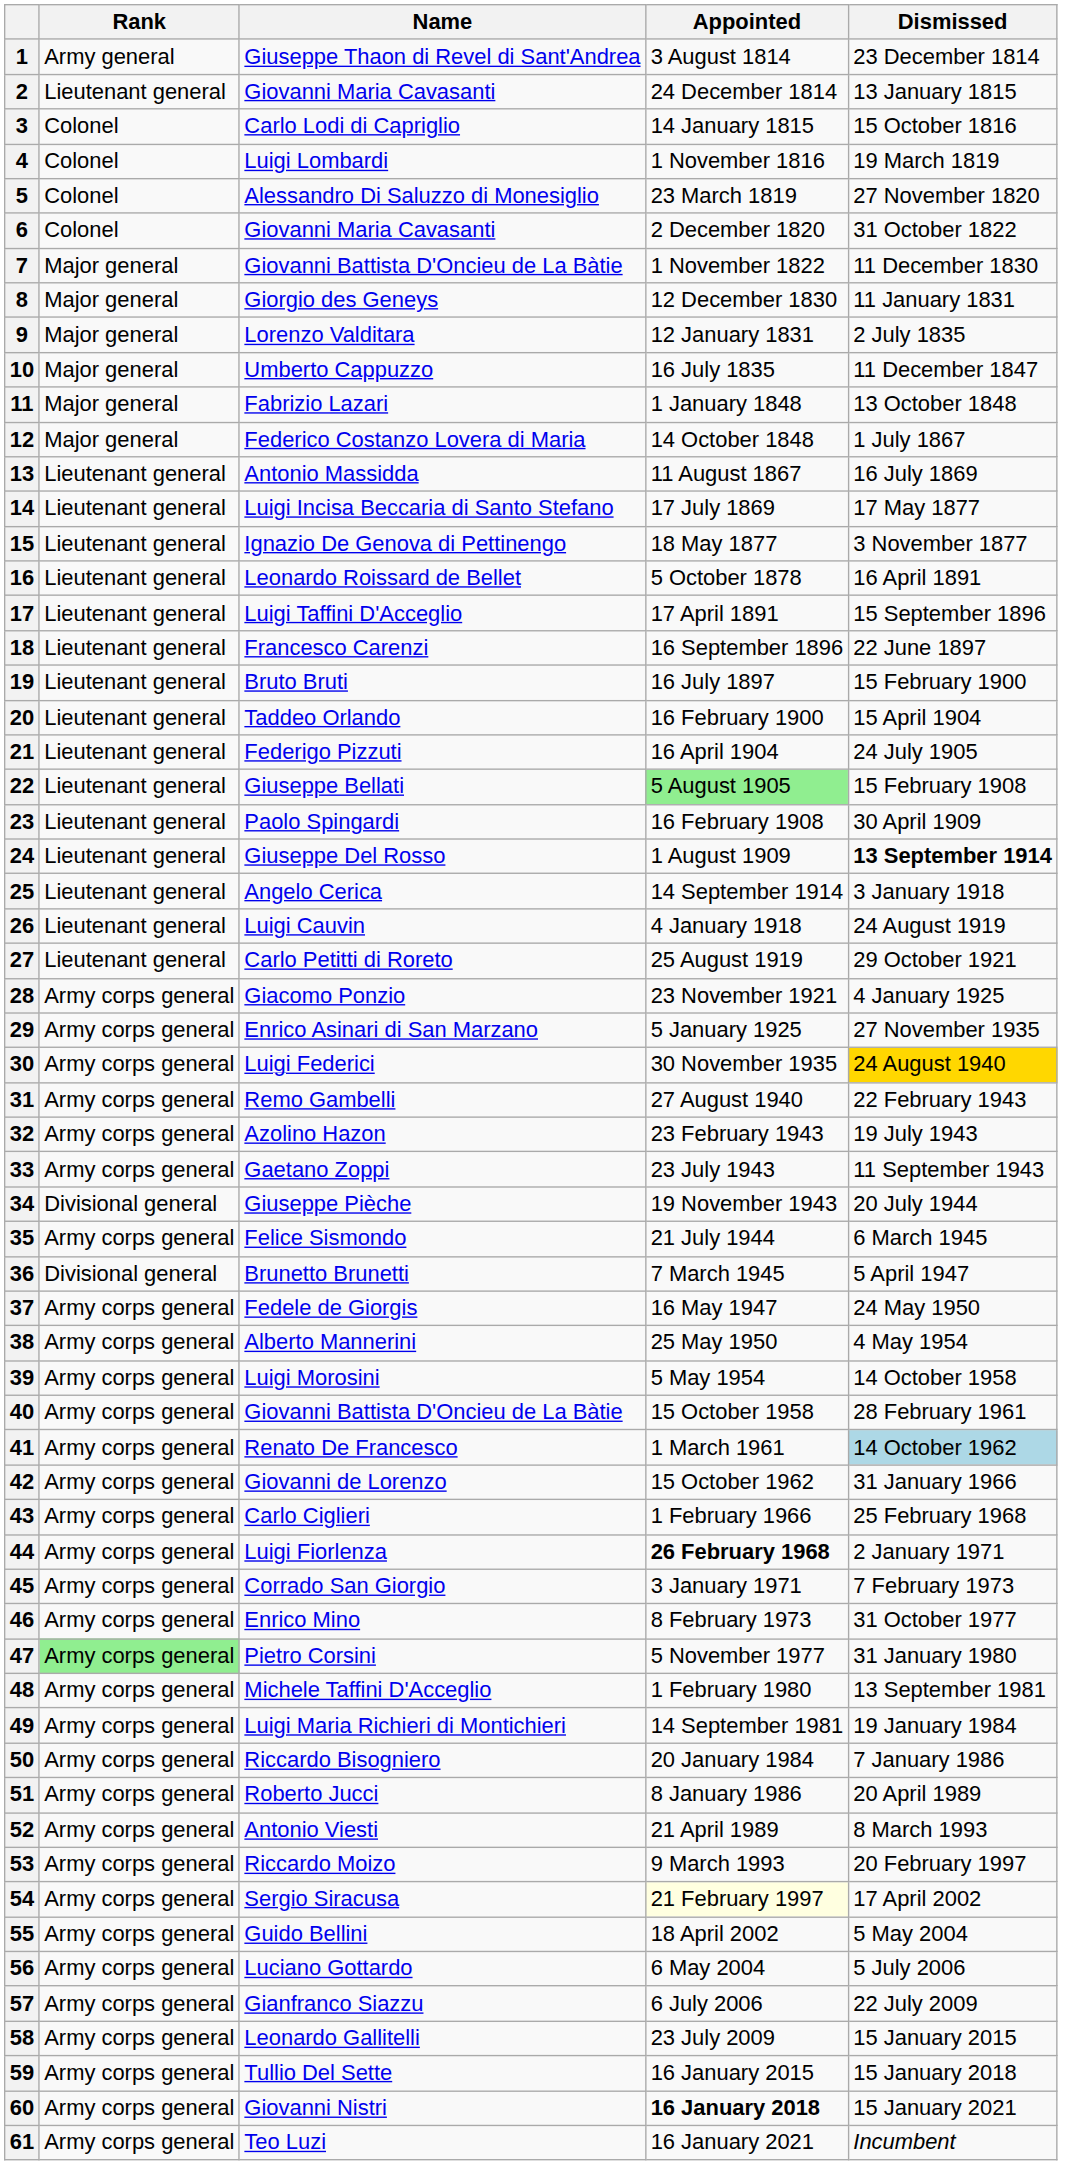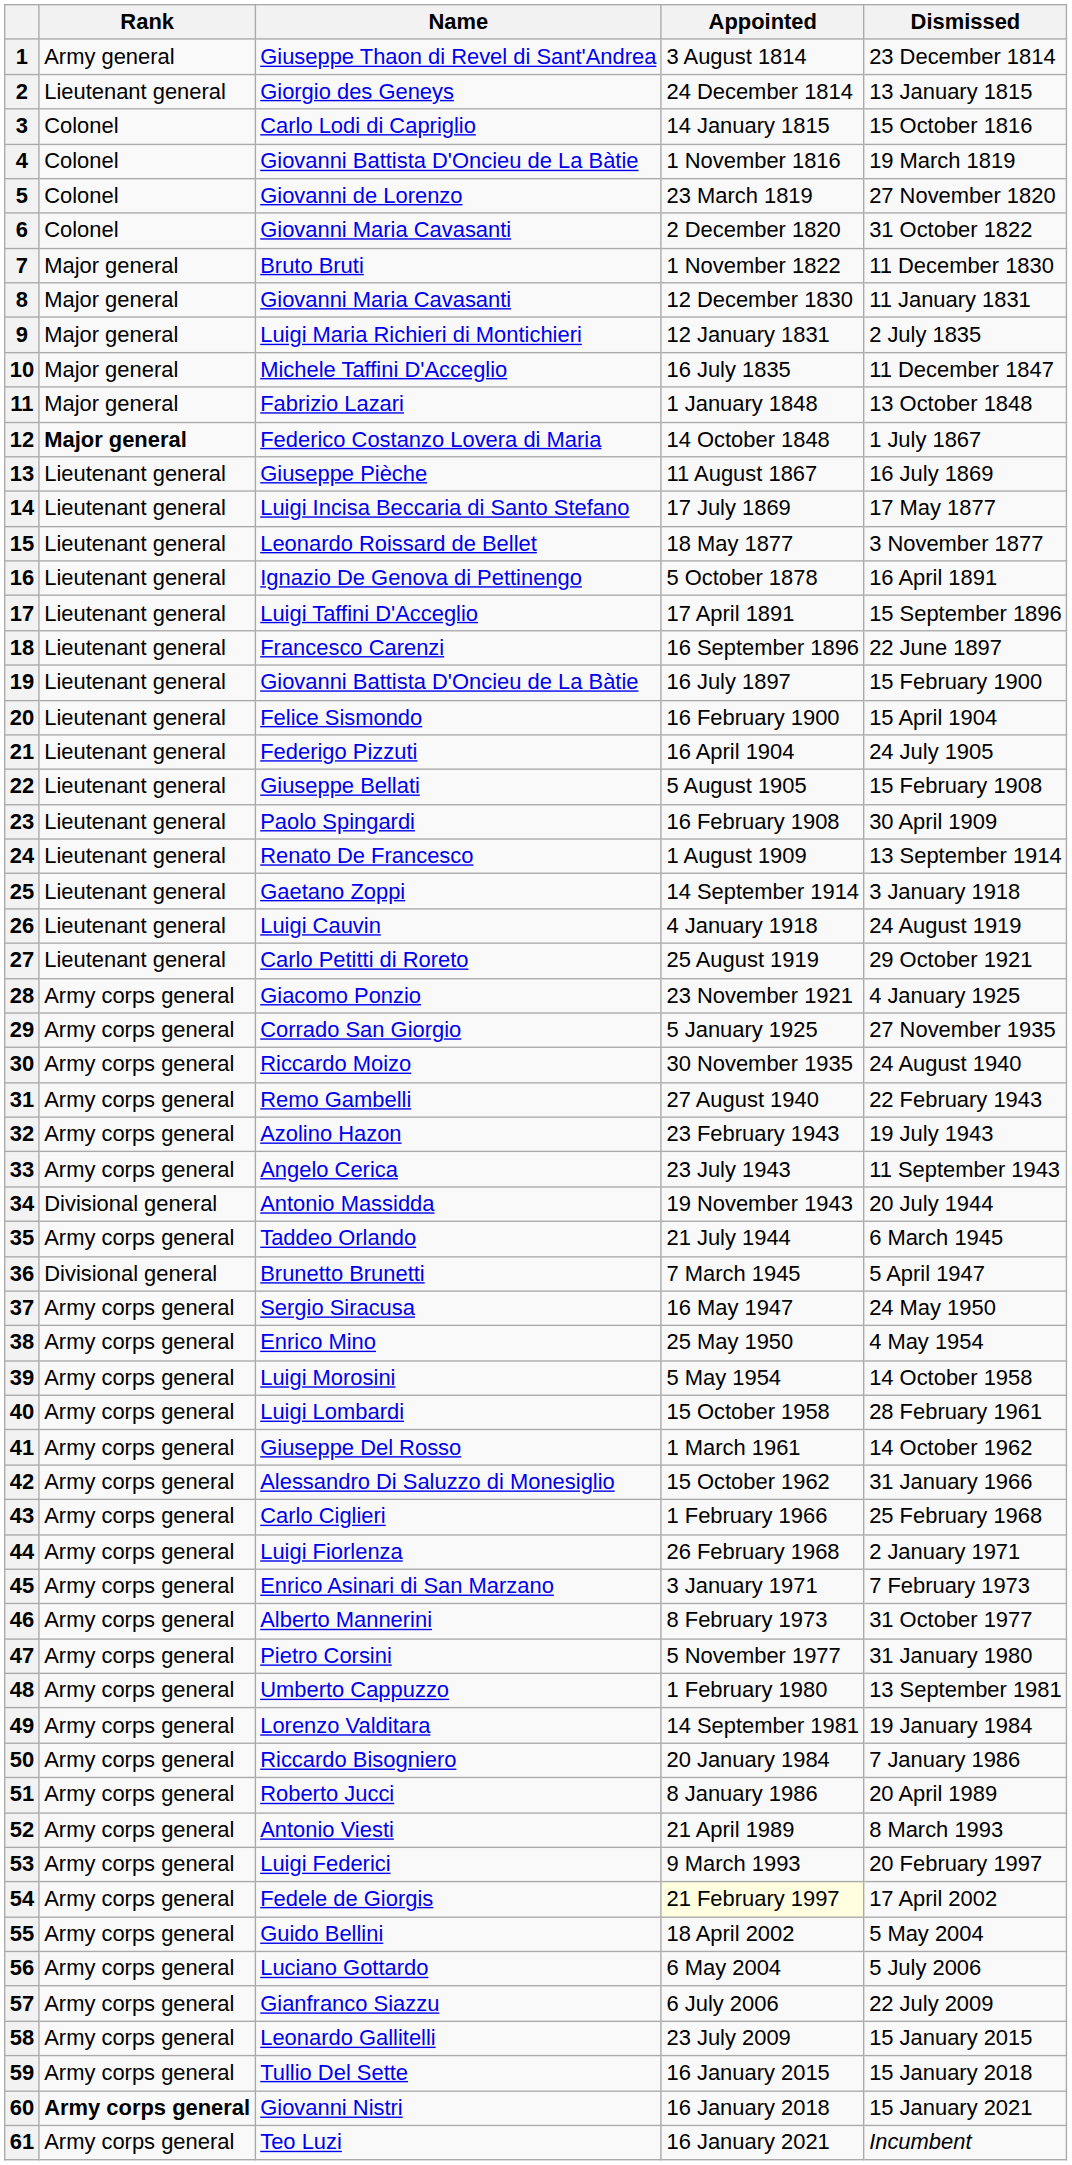 <table class="wikitable">
 <tr>
 <th></th>
 <th>Rank</th>
 <th>Name</th>
 <th>Appointed</th>
 <th>Dismissed</th>
 </tr>
 <tr>
 <th>1</th>
 <td>Army general</td>
 <td><a href='#'>Giuseppe Thaon di Revel di Sant'Andrea</a></td>
 <td>3 August 1814</td>
 <td>23 December 1814</td>
 </tr>
 <tr>
 <th>2</th>
 <td>Lieutenant general</td>
-<td><a href='#'>Giovanni Maria Cavasanti</a></td>
+<td><a href='#'>Giorgio des Geneys</a></td>
 <td>24 December 1814</td>
 <td>13 January 1815</td>
 </tr>
 <tr>
 <th>3</th>
 <td>Colonel</td>
 <td><a href='#'>Carlo Lodi di Capriglio</a></td>
 <td>14 January 1815</td>
 <td>15 October 1816</td>
 </tr>
 <tr>
 <th>4</th>
 <td>Colonel</td>
-<td><a href='#'>Luigi Lombardi</a></td>
+<td><a href='#'>Giovanni Battista D'Oncieu de La Bàtie</a></td>
 <td>1 November 1816</td>
 <td>19 March 1819</td>
 </tr>
 <tr>
 <th>5</th>
 <td>Colonel</td>
-<td><a href='#'>Alessandro Di Saluzzo di Monesiglio</a></td>
+<td><a href='#'>Giovanni de Lorenzo</a></td>
 <td>23 March 1819</td>
 <td>27 November 1820</td>
 </tr>
 <tr>
 <th>6</th>
 <td>Colonel</td>
 <td><a href='#'>Giovanni Maria Cavasanti</a></td>
 <td>2 December 1820</td>
 <td>31 October 1822</td>
 </tr>
 <tr>
 <th>7</th>
 <td>Major general</td>
-<td><a href='#'>Giovanni Battista D'Oncieu de La Bàtie</a></td>
+<td><a href='#'>Bruto Bruti</a></td>
 <td>1 November 1822</td>
 <td>11 December 1830</td>
 </tr>
 <tr>
 <th>8</th>
 <td>Major general</td>
-<td><a href='#'>Giorgio des Geneys</a></td>
+<td><a href='#'>Giovanni Maria Cavasanti</a></td>
 <td>12 December 1830</td>
 <td>11 January 1831</td>
 </tr>
 <tr>
 <th>9</th>
 <td>Major general</td>
-<td><a href='#'>Lorenzo Valditara</a></td>
+<td><a href='#'>Luigi Maria Richieri di Montichieri</a></td>
 <td>12 January 1831</td>
 <td>2 July 1835</td>
 </tr>
 <tr>
 <th>10</th>
 <td>Major general</td>
-<td><a href='#'>Umberto Cappuzzo</a></td>
+<td><a href='#'>Michele Taffini D'Acceglio</a></td>
 <td>16 July 1835</td>
 <td>11 December 1847</td>
 </tr>
 <tr>
 <th>11</th>
 <td>Major general</td>
 <td><a href='#'>Fabrizio Lazari</a></td>
 <td>1 January 1848</td>
 <td>13 October 1848</td>
 </tr>
 <tr>
 <th>12</th>
-<td>Major general</td>
+<td><strong>Major general</strong></td>
 <td><a href='#'>Federico Costanzo Lovera di Maria</a></td>
 <td>14 October 1848</td>
 <td>1 July 1867</td>
 </tr>
 <tr>
 <th>13</th>
 <td>Lieutenant general</td>
-<td><a href='#'>Antonio Massidda</a></td>
+<td><a href='#'>Giuseppe Pièche</a></td>
 <td>11 August 1867</td>
 <td>16 July 1869</td>
 </tr>
 <tr>
 <th>14</th>
 <td>Lieutenant general</td>
 <td><a href='#'>Luigi Incisa Beccaria di Santo Stefano</a></td>
 <td>17 July 1869</td>
 <td>17 May 1877</td>
 </tr>
 <tr>
 <th>15</th>
 <td>Lieutenant general</td>
-<td><a href='#'>Ignazio De Genova di Pettinengo</a></td>
+<td><a href='#'>Leonardo Roissard de Bellet</a></td>
 <td>18 May 1877</td>
 <td>3 November 1877</td>
 </tr>
 <tr>
 <th>16</th>
 <td>Lieutenant general</td>
-<td><a href='#'>Leonardo Roissard de Bellet</a></td>
+<td><a href='#'>Ignazio De Genova di Pettinengo</a></td>
 <td>5 October 1878</td>
 <td>16 April 1891</td>
 </tr>
 <tr>
 <th>17</th>
 <td>Lieutenant general</td>
 <td><a href='#'>Luigi Taffini D'Acceglio</a></td>
 <td>17 April 1891</td>
 <td>15 September 1896</td>
 </tr>
 <tr>
 <th>18</th>
 <td>Lieutenant general</td>
 <td><a href='#'>Francesco Carenzi</a></td>
 <td>16 September 1896</td>
 <td>22 June 1897</td>
 </tr>
 <tr>
 <th>19</th>
 <td>Lieutenant general</td>
-<td><a href='#'>Bruto Bruti</a></td>
+<td><a href='#'>Giovanni Battista D'Oncieu de La Bàtie</a></td>
 <td>16 July 1897</td>
 <td>15 February 1900</td>
 </tr>
 <tr>
 <th>20</th>
 <td>Lieutenant general</td>
-<td><a href='#'>Taddeo Orlando</a></td>
+<td><a href='#'>Felice Sismondo</a></td>
 <td>16 February 1900</td>
 <td>15 April 1904</td>
 </tr>
 <tr>
 <th>21</th>
 <td>Lieutenant general</td>
 <td><a href='#'>Federigo Pizzuti</a></td>
 <td>16 April 1904</td>
 <td>24 July 1905</td>
 </tr>
 <tr>
 <th>22</th>
 <td>Lieutenant general</td>
 <td><a href='#'>Giuseppe Bellati</a></td>
-<td style="background: lightgreen;">5 August 1905</td>
+<td>5 August 1905</td>
 <td>15 February 1908</td>
 </tr>
 <tr>
 <th>23</th>
 <td>Lieutenant general</td>
 <td><a href='#'>Paolo Spingardi</a></td>
 <td>16 February 1908</td>
 <td>30 April 1909</td>
 </tr>
 <tr>
 <th>24</th>
 <td>Lieutenant general</td>
-<td><a href='#'>Giuseppe Del Rosso</a></td>
+<td><a href='#'>Renato De Francesco</a></td>
 <td>1 August 1909</td>
-<td><strong>13 September 1914</strong></td>
+<td>13 September 1914</td>
 </tr>
 <tr>
 <th>25</th>
 <td>Lieutenant general</td>
-<td><a href='#'>Angelo Cerica</a></td>
+<td><a href='#'>Gaetano Zoppi</a></td>
 <td>14 September 1914</td>
 <td>3 January 1918</td>
 </tr>
 <tr>
 <th>26</th>
 <td>Lieutenant general</td>
 <td><a href='#'>Luigi Cauvin</a></td>
 <td>4 January 1918</td>
 <td>24 August 1919</td>
 </tr>
 <tr>
 <th>27</th>
 <td>Lieutenant general</td>
 <td><a href='#'>Carlo Petitti di Roreto</a></td>
 <td>25 August 1919</td>
 <td>29 October 1921</td>
 </tr>
 <tr>
 <th>28</th>
 <td>Army corps general</td>
 <td><a href='#'>Giacomo Ponzio</a></td>
 <td>23 November 1921</td>
 <td>4 January 1925</td>
 </tr>
 <tr>
 <th>29</th>
 <td>Army corps general</td>
-<td><a href='#'>Enrico Asinari di San Marzano</a></td>
+<td><a href='#'>Corrado San Giorgio</a></td>
 <td>5 January 1925</td>
 <td>27 November 1935</td>
 </tr>
 <tr>
 <th>30</th>
 <td>Army corps general</td>
-<td><a href='#'>Luigi Federici</a></td>
+<td><a href='#'>Riccardo Moizo</a></td>
 <td>30 November 1935</td>
-<td style="background: gold;">24 August 1940</td>
+<td>24 August 1940</td>
 </tr>
 <tr>
 <th>31</th>
 <td>Army corps general</td>
 <td><a href='#'>Remo Gambelli</a></td>
 <td>27 August 1940</td>
 <td>22 February 1943</td>
 </tr>
 <tr>
 <th>32</th>
 <td>Army corps general</td>
 <td><a href='#'>Azolino Hazon</a></td>
 <td>23 February 1943</td>
 <td>19 July 1943</td>
 </tr>
 <tr>
 <th>33</th>
 <td>Army corps general</td>
-<td><a href='#'>Gaetano Zoppi</a></td>
+<td><a href='#'>Angelo Cerica</a></td>
 <td>23 July 1943</td>
 <td>11 September 1943</td>
 </tr>
 <tr>
 <th>34</th>
 <td>Divisional general</td>
-<td><a href='#'>Giuseppe Pièche</a></td>
+<td><a href='#'>Antonio Massidda</a></td>
 <td>19 November 1943</td>
 <td>20 July 1944</td>
 </tr>
 <tr>
 <th>35</th>
 <td>Army corps general</td>
-<td><a href='#'>Felice Sismondo</a></td>
+<td><a href='#'>Taddeo Orlando</a></td>
 <td>21 July 1944</td>
 <td>6 March 1945</td>
 </tr>
 <tr>
 <th>36</th>
 <td>Divisional general</td>
 <td><a href='#'>Brunetto Brunetti</a></td>
 <td>7 March 1945</td>
 <td>5 April 1947</td>
 </tr>
 <tr>
 <th>37</th>
 <td>Army corps general</td>
-<td><a href='#'>Fedele de Giorgis</a></td>
+<td><a href='#'>Sergio Siracusa</a></td>
 <td>16 May 1947</td>
 <td>24 May 1950</td>
 </tr>
 <tr>
 <th>38</th>
 <td>Army corps general</td>
-<td><a href='#'>Alberto Mannerini</a></td>
+<td><a href='#'>Enrico Mino</a></td>
 <td>25 May 1950</td>
 <td>4 May 1954</td>
 </tr>
 <tr>
 <th>39</th>
 <td>Army corps general</td>
 <td><a href='#'>Luigi Morosini</a></td>
 <td>5 May 1954</td>
 <td>14 October 1958</td>
 </tr>
 <tr>
 <th>40</th>
 <td>Army corps general</td>
-<td><a href='#'>Giovanni Battista D'Oncieu de La Bàtie</a></td>
+<td><a href='#'>Luigi Lombardi</a></td>
 <td>15 October 1958</td>
 <td>28 February 1961</td>
 </tr>
 <tr>
 <th>41</th>
 <td>Army corps general</td>
-<td><a href='#'>Renato De Francesco</a></td>
+<td><a href='#'>Giuseppe Del Rosso</a></td>
 <td>1 March 1961</td>
-<td style="background: lightblue;">14 October 1962</td>
+<td>14 October 1962</td>
 </tr>
 <tr>
 <th>42</th>
 <td>Army corps general</td>
-<td><a href='#'>Giovanni de Lorenzo</a></td>
+<td><a href='#'>Alessandro Di Saluzzo di Monesiglio</a></td>
 <td>15 October 1962</td>
 <td>31 January 1966</td>
 </tr>
 <tr>
 <th>43</th>
 <td>Army corps general</td>
 <td><a href='#'>Carlo Ciglieri</a></td>
 <td>1 February 1966</td>
 <td>25 February 1968</td>
 </tr>
 <tr>
 <th>44</th>
 <td>Army corps general</td>
 <td><a href='#'>Luigi Fiorlenza</a></td>
-<td><strong>26 February 1968</strong></td>
+<td>26 February 1968</td>
 <td>2 January 1971</td>
 </tr>
 <tr>
 <th>45</th>
 <td>Army corps general</td>
-<td><a href='#'>Corrado San Giorgio</a></td>
+<td><a href='#'>Enrico Asinari di San Marzano</a></td>
 <td>3 January 1971</td>
 <td>7 February 1973</td>
 </tr>
 <tr>
 <th>46</th>
 <td>Army corps general</td>
-<td><a href='#'>Enrico Mino</a></td>
+<td><a href='#'>Alberto Mannerini</a></td>
 <td>8 February 1973</td>
 <td>31 October 1977</td>
 </tr>
 <tr>
 <th>47</th>
-<td style="background: lightgreen;">Army corps general</td>
+<td>Army corps general</td>
 <td><a href='#'>Pietro Corsini</a></td>
 <td>5 November 1977</td>
 <td>31 January 1980</td>
 </tr>
 <tr>
 <th>48</th>
 <td>Army corps general</td>
-<td><a href='#'>Michele Taffini D'Acceglio</a></td>
+<td><a href='#'>Umberto Cappuzzo</a></td>
 <td>1 February 1980</td>
 <td>13 September 1981</td>
 </tr>
 <tr>
 <th>49</th>
 <td>Army corps general</td>
-<td><a href='#'>Luigi Maria Richieri di Montichieri</a></td>
+<td><a href='#'>Lorenzo Valditara</a></td>
 <td>14 September 1981</td>
 <td>19 January 1984</td>
 </tr>
 <tr>
 <th>50</th>
 <td>Army corps general</td>
 <td><a href='#'>Riccardo Bisogniero</a></td>
 <td>20 January 1984</td>
 <td>7 January 1986</td>
 </tr>
 <tr>
 <th>51</th>
 <td>Army corps general</td>
 <td><a href='#'>Roberto Jucci</a></td>
 <td>8 January 1986</td>
 <td>20 April 1989</td>
 </tr>
 <tr>
 <th>52</th>
 <td>Army corps general</td>
 <td><a href='#'>Antonio Viesti</a></td>
 <td>21 April 1989</td>
 <td>8 March 1993</td>
 </tr>
 <tr>
 <th>53</th>
 <td>Army corps general</td>
-<td><a href='#'>Riccardo Moizo</a></td>
+<td><a href='#'>Luigi Federici</a></td>
 <td>9 March 1993</td>
 <td>20 February 1997</td>
 </tr>
 <tr>
 <th>54</th>
 <td>Army corps general</td>
-<td><a href='#'>Sergio Siracusa</a></td>
+<td><a href='#'>Fedele de Giorgis</a></td>
 <td style="background: lightyellow;">21 February 1997</td>
 <td>17 April 2002</td>
 </tr>
 <tr>
 <th>55</th>
 <td>Army corps general</td>
 <td><a href='#'>Guido Bellini</a></td>
 <td>18 April 2002</td>
 <td>5 May 2004</td>
 </tr>
 <tr>
 <th>56</th>
 <td>Army corps general</td>
 <td><a href='#'>Luciano Gottardo</a></td>
 <td>6 May 2004</td>
 <td>5 July 2006</td>
 </tr>
 <tr>
 <th>57</th>
 <td>Army corps general</td>
 <td><a href='#'>Gianfranco Siazzu</a></td>
 <td>6 July 2006</td>
 <td>22 July 2009</td>
 </tr>
 <tr>
 <th>58</th>
 <td>Army corps general</td>
 <td><a href='#'>Leonardo Gallitelli</a></td>
 <td>23 July 2009</td>
 <td>15 January 2015</td>
 </tr>
 <tr>
 <th>59</th>
 <td>Army corps general</td>
 <td><a href='#'>Tullio Del Sette</a></td>
 <td>16 January 2015</td>
 <td>15 January 2018</td>
 </tr>
 <tr>
 <th>60</th>
-<td>Army corps general</td>
+<td><strong>Army corps general</strong></td>
 <td><a href='#'>Giovanni Nistri</a></td>
-<td><strong>16 January 2018</strong></td>
+<td>16 January 2018</td>
 <td>15 January 2021</td>
 </tr>
 <tr>
 <th>61</th>
 <td>Army corps general</td>
 <td><a href='#'>Teo Luzi</a></td>
 <td>16 January 2021</td>
 <td><em>Incumbent</em></td>
 </tr>
 </table>
